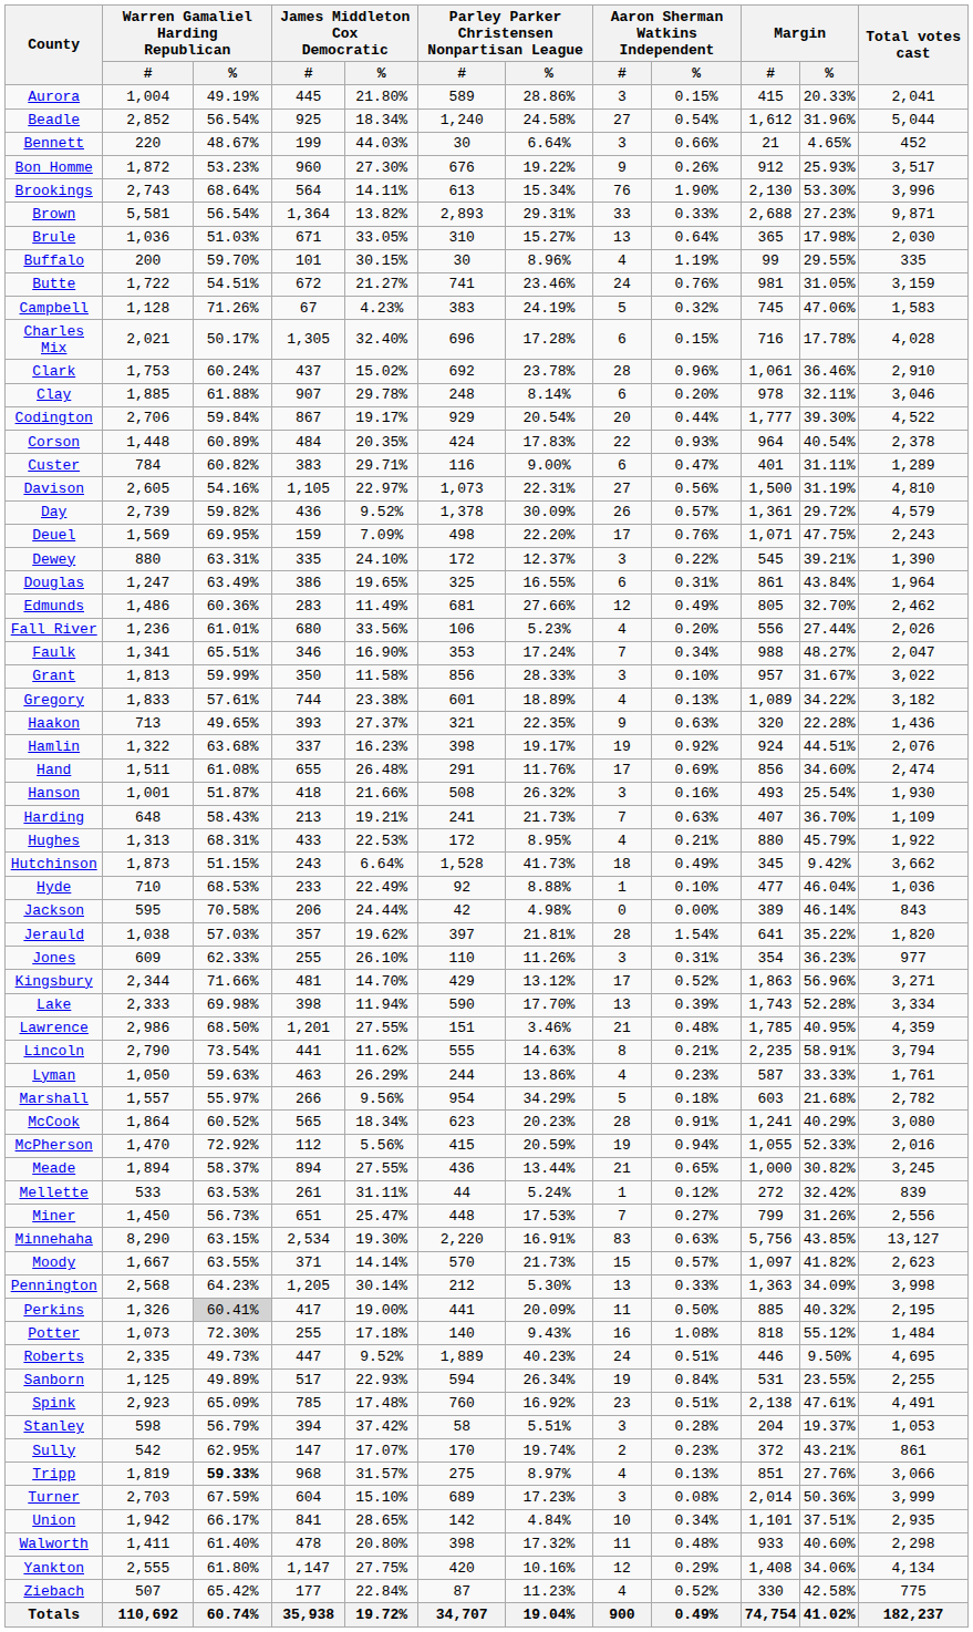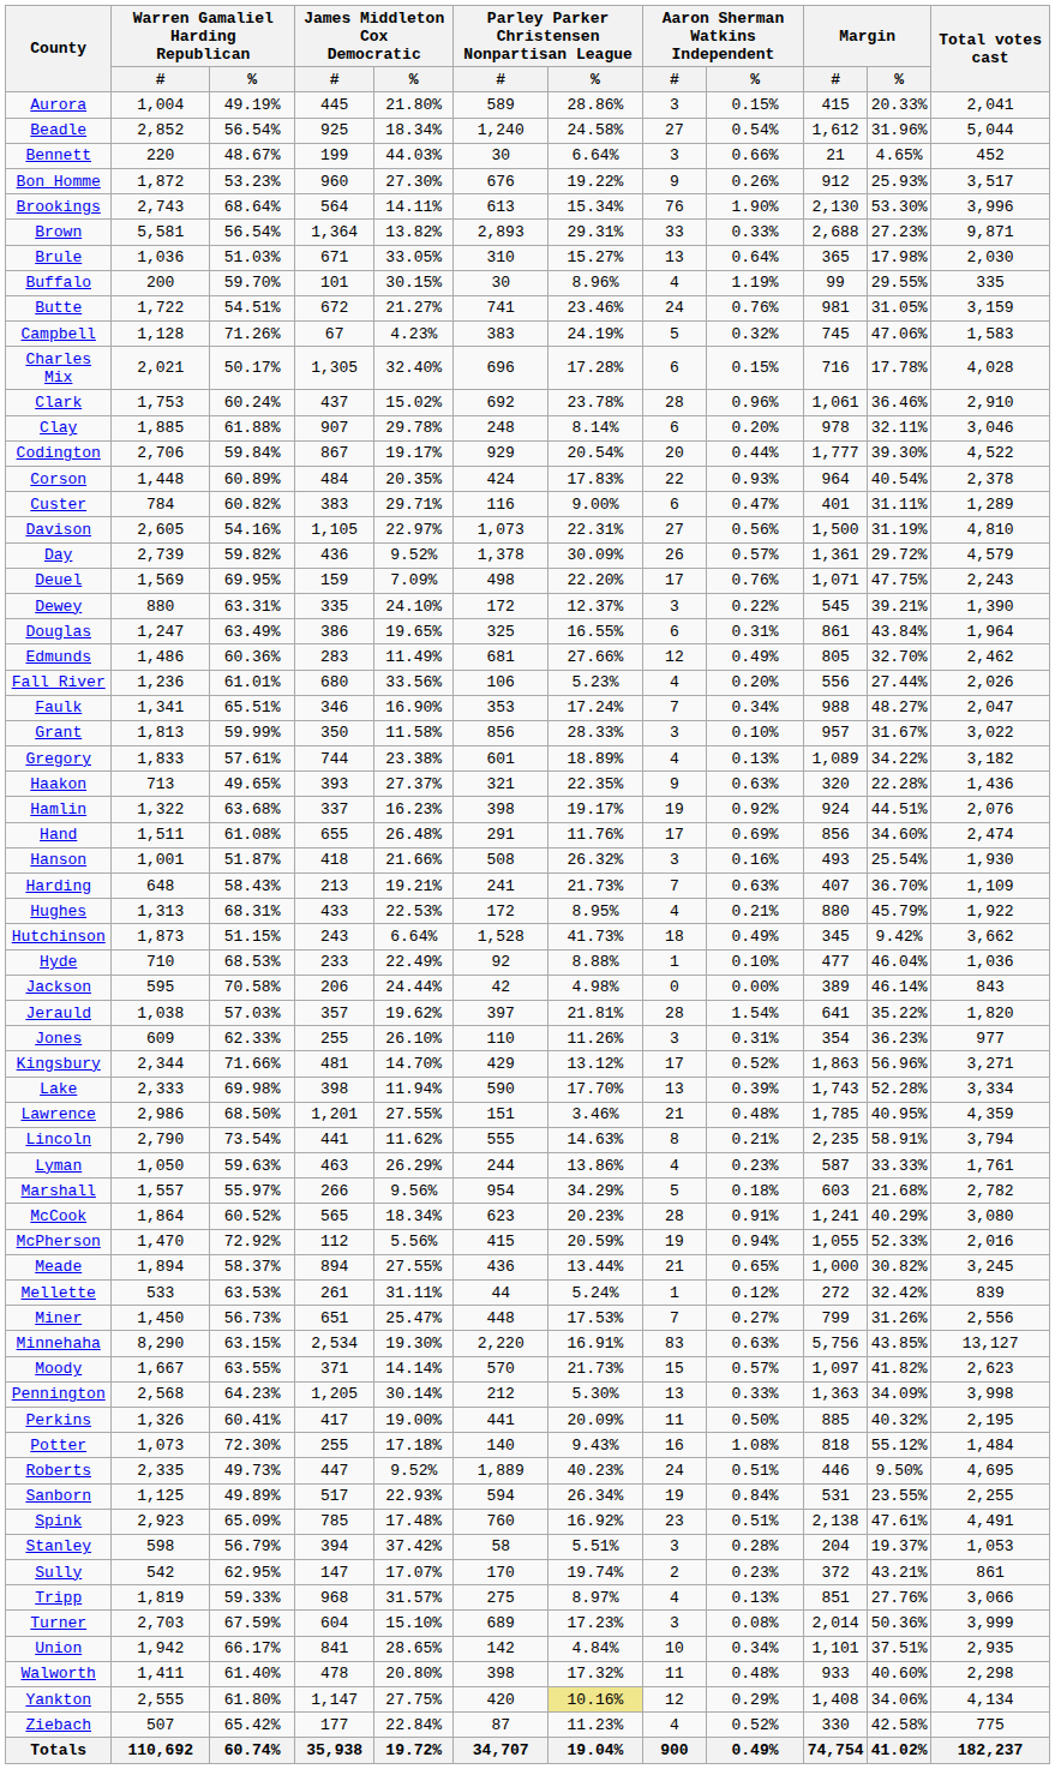 <table class="wikitable sortable">
 <tr>
 <th rowspan="2" style="text-align:center;">County</th>
 <th colspan="2" style="text-align:center;">Warren Gamaliel Harding<br>Republican</th>
 <th colspan="2" style="text-align:center;">James Middleton Cox<br>Democratic</th>
 <th colspan="2" style="text-align:center;">Parley Parker Christensen<br>Nonpartisan League</th>
 <th colspan="2" style="text-align:center;">Aaron Sherman Watkins<br>Independent</th>
 <th colspan="2" style="text-align:center;">Margin</th>
 <th rowspan="2" style="text-align:center;">Total votes cast</th>
 </tr>
 <tr>
 <th style="text-align:center;" data-sort-type="number">#</th>
 <th style="text-align:center;" data-sort-type="number">%</th>
 <th style="text-align:center;" data-sort-type="number">#</th>
 <th style="text-align:center;" data-sort-type="number">%</th>
 <th style="text-align:center;" data-sort-type="number">#</th>
 <th style="text-align:center;" data-sort-type="number">%</th>
 <th style="text-align:center;" data-sort-type="number">#</th>
 <th style="text-align:center;" data-sort-type="number">%</th>
 <th style="text-align:center;" data-sort-type="number">#</th>
 <th style="text-align:center;" data-sort-type="number">%</th>
 </tr>
 <tr style="text-align:center;">
 <td><a href='#'>Aurora</a></td>
 <td>1,004</td>
 <td>49.19%</td>
 <td>445</td>
 <td>21.80%</td>
 <td>589</td>
 <td>28.86%</td>
 <td>3</td>
 <td>0.15%</td>
 <td>415</td>
 <td>20.33%</td>
 <td>2,041</td>
 </tr>
 <tr style="text-align:center;">
 <td><a href='#'>Beadle</a></td>
 <td>2,852</td>
 <td>56.54%</td>
 <td>925</td>
 <td>18.34%</td>
 <td>1,240</td>
 <td>24.58%</td>
 <td>27</td>
 <td>0.54%</td>
 <td>1,612</td>
 <td>31.96%</td>
 <td>5,044</td>
 </tr>
 <tr style="text-align:center;">
 <td><a href='#'>Bennett</a></td>
 <td>220</td>
 <td>48.67%</td>
 <td>199</td>
 <td>44.03%</td>
 <td>30</td>
 <td>6.64%</td>
 <td>3</td>
 <td>0.66%</td>
 <td>21</td>
 <td>4.65%</td>
 <td>452</td>
 </tr>
 <tr style="text-align:center;">
 <td><a href='#'>Bon Homme</a></td>
 <td>1,872</td>
 <td>53.23%</td>
 <td>960</td>
 <td>27.30%</td>
 <td>676</td>
 <td>19.22%</td>
 <td>9</td>
 <td>0.26%</td>
 <td>912</td>
 <td>25.93%</td>
 <td>3,517</td>
 </tr>
 <tr style="text-align:center;">
 <td><a href='#'>Brookings</a></td>
 <td>2,743</td>
 <td>68.64%</td>
 <td>564</td>
 <td>14.11%</td>
 <td>613</td>
 <td>15.34%</td>
 <td>76</td>
 <td>1.90%</td>
 <td>2,130</td>
 <td>53.30%</td>
 <td>3,996</td>
 </tr>
 <tr style="text-align:center;">
 <td><a href='#'>Brown</a></td>
 <td>5,581</td>
 <td>56.54%</td>
 <td>1,364</td>
 <td>13.82%</td>
 <td>2,893</td>
 <td>29.31%</td>
 <td>33</td>
 <td>0.33%</td>
 <td>2,688</td>
 <td>27.23%</td>
 <td>9,871</td>
 </tr>
 <tr style="text-align:center;">
 <td><a href='#'>Brule</a></td>
 <td>1,036</td>
 <td>51.03%</td>
 <td>671</td>
 <td>33.05%</td>
 <td>310</td>
 <td>15.27%</td>
 <td>13</td>
 <td>0.64%</td>
 <td>365</td>
 <td>17.98%</td>
 <td>2,030</td>
 </tr>
 <tr style="text-align:center;">
 <td><a href='#'>Buffalo</a></td>
 <td>200</td>
 <td>59.70%</td>
 <td>101</td>
 <td>30.15%</td>
 <td>30</td>
 <td>8.96%</td>
 <td>4</td>
 <td>1.19%</td>
 <td>99</td>
 <td>29.55%</td>
 <td>335</td>
 </tr>
 <tr style="text-align:center;">
 <td><a href='#'>Butte</a></td>
 <td>1,722</td>
 <td>54.51%</td>
 <td>672</td>
 <td>21.27%</td>
 <td>741</td>
 <td>23.46%</td>
 <td>24</td>
 <td>0.76%</td>
 <td>981</td>
 <td>31.05%</td>
 <td>3,159</td>
 </tr>
 <tr style="text-align:center;">
 <td><a href='#'>Campbell</a></td>
 <td>1,128</td>
 <td>71.26%</td>
 <td>67</td>
 <td>4.23%</td>
 <td>383</td>
 <td>24.19%</td>
 <td>5</td>
 <td>0.32%</td>
 <td>745</td>
 <td>47.06%</td>
 <td>1,583</td>
 </tr>
 <tr style="text-align:center;">
 <td><a href='#'>Charles Mix</a></td>
 <td>2,021</td>
 <td>50.17%</td>
 <td>1,305</td>
 <td>32.40%</td>
 <td>696</td>
 <td>17.28%</td>
 <td>6</td>
 <td>0.15%</td>
 <td>716</td>
 <td>17.78%</td>
 <td>4,028</td>
 </tr>
 <tr style="text-align:center;">
 <td><a href='#'>Clark</a></td>
 <td>1,753</td>
 <td>60.24%</td>
 <td>437</td>
 <td>15.02%</td>
 <td>692</td>
 <td>23.78%</td>
 <td>28</td>
 <td>0.96%</td>
 <td>1,061</td>
 <td>36.46%</td>
 <td>2,910</td>
 </tr>
 <tr style="text-align:center;">
 <td><a href='#'>Clay</a></td>
 <td>1,885</td>
 <td>61.88%</td>
 <td>907</td>
 <td>29.78%</td>
 <td>248</td>
 <td>8.14%</td>
 <td>6</td>
 <td>0.20%</td>
 <td>978</td>
 <td>32.11%</td>
 <td>3,046</td>
 </tr>
 <tr style="text-align:center;">
 <td><a href='#'>Codington</a></td>
 <td>2,706</td>
 <td>59.84%</td>
 <td>867</td>
 <td>19.17%</td>
 <td>929</td>
 <td>20.54%</td>
 <td>20</td>
 <td>0.44%</td>
 <td>1,777</td>
 <td>39.30%</td>
 <td>4,522</td>
 </tr>
 <tr style="text-align:center;">
 <td><a href='#'>Corson</a></td>
 <td>1,448</td>
 <td>60.89%</td>
 <td>484</td>
 <td>20.35%</td>
 <td>424</td>
 <td>17.83%</td>
 <td>22</td>
 <td>0.93%</td>
 <td>964</td>
 <td>40.54%</td>
 <td>2,378</td>
 </tr>
 <tr style="text-align:center;">
 <td><a href='#'>Custer</a></td>
 <td>784</td>
 <td>60.82%</td>
 <td>383</td>
 <td>29.71%</td>
 <td>116</td>
 <td>9.00%</td>
 <td>6</td>
 <td>0.47%</td>
 <td>401</td>
 <td>31.11%</td>
 <td>1,289</td>
 </tr>
 <tr style="text-align:center;">
 <td><a href='#'>Davison</a></td>
 <td>2,605</td>
 <td>54.16%</td>
 <td>1,105</td>
 <td>22.97%</td>
 <td>1,073</td>
 <td>22.31%</td>
 <td>27</td>
 <td>0.56%</td>
 <td>1,500</td>
 <td>31.19%</td>
 <td>4,810</td>
 </tr>
 <tr style="text-align:center;">
 <td><a href='#'>Day</a></td>
 <td>2,739</td>
 <td>59.82%</td>
 <td>436</td>
 <td>9.52%</td>
 <td>1,378</td>
 <td>30.09%</td>
 <td>26</td>
 <td>0.57%</td>
 <td>1,361</td>
 <td>29.72%</td>
 <td>4,579</td>
 </tr>
 <tr style="text-align:center;">
 <td><a href='#'>Deuel</a></td>
 <td>1,569</td>
 <td>69.95%</td>
 <td>159</td>
 <td>7.09%</td>
 <td>498</td>
 <td>22.20%</td>
 <td>17</td>
 <td>0.76%</td>
 <td>1,071</td>
 <td>47.75%</td>
 <td>2,243</td>
 </tr>
 <tr style="text-align:center;">
 <td><a href='#'>Dewey</a></td>
 <td>880</td>
 <td>63.31%</td>
 <td>335</td>
 <td>24.10%</td>
 <td>172</td>
 <td>12.37%</td>
 <td>3</td>
 <td>0.22%</td>
 <td>545</td>
 <td>39.21%</td>
 <td>1,390</td>
 </tr>
 <tr style="text-align:center;">
 <td><a href='#'>Douglas</a></td>
 <td>1,247</td>
 <td>63.49%</td>
 <td>386</td>
 <td>19.65%</td>
 <td>325</td>
 <td>16.55%</td>
 <td>6</td>
 <td>0.31%</td>
 <td>861</td>
 <td>43.84%</td>
 <td>1,964</td>
 </tr>
 <tr style="text-align:center;">
 <td><a href='#'>Edmunds</a></td>
 <td>1,486</td>
 <td>60.36%</td>
 <td>283</td>
 <td>11.49%</td>
 <td>681</td>
 <td>27.66%</td>
 <td>12</td>
 <td>0.49%</td>
 <td>805</td>
 <td>32.70%</td>
 <td>2,462</td>
 </tr>
 <tr style="text-align:center;">
 <td><a href='#'>Fall River</a></td>
 <td>1,236</td>
 <td>61.01%</td>
 <td>680</td>
 <td>33.56%</td>
 <td>106</td>
 <td>5.23%</td>
 <td>4</td>
 <td>0.20%</td>
 <td>556</td>
 <td>27.44%</td>
 <td>2,026</td>
 </tr>
 <tr style="text-align:center;">
 <td><a href='#'>Faulk</a></td>
 <td>1,341</td>
 <td>65.51%</td>
 <td>346</td>
 <td>16.90%</td>
 <td>353</td>
 <td>17.24%</td>
 <td>7</td>
 <td>0.34%</td>
 <td>988</td>
 <td>48.27%</td>
 <td>2,047</td>
 </tr>
 <tr style="text-align:center;">
 <td><a href='#'>Grant</a></td>
 <td>1,813</td>
 <td>59.99%</td>
 <td>350</td>
 <td>11.58%</td>
 <td>856</td>
 <td>28.33%</td>
 <td>3</td>
 <td>0.10%</td>
 <td>957</td>
 <td>31.67%</td>
 <td>3,022</td>
 </tr>
 <tr style="text-align:center;">
 <td><a href='#'>Gregory</a></td>
 <td>1,833</td>
 <td>57.61%</td>
 <td>744</td>
 <td>23.38%</td>
 <td>601</td>
 <td>18.89%</td>
 <td>4</td>
 <td>0.13%</td>
 <td>1,089</td>
 <td>34.22%</td>
 <td>3,182</td>
 </tr>
 <tr style="text-align:center;">
 <td><a href='#'>Haakon</a></td>
 <td>713</td>
 <td>49.65%</td>
 <td>393</td>
 <td>27.37%</td>
 <td>321</td>
 <td>22.35%</td>
 <td>9</td>
 <td>0.63%</td>
 <td>320</td>
 <td>22.28%</td>
 <td>1,436</td>
 </tr>
 <tr style="text-align:center;">
 <td><a href='#'>Hamlin</a></td>
 <td>1,322</td>
 <td>63.68%</td>
 <td>337</td>
 <td>16.23%</td>
 <td>398</td>
 <td>19.17%</td>
 <td>19</td>
 <td>0.92%</td>
 <td>924</td>
 <td>44.51%</td>
 <td>2,076</td>
 </tr>
 <tr style="text-align:center;">
 <td><a href='#'>Hand</a></td>
 <td>1,511</td>
 <td>61.08%</td>
 <td>655</td>
 <td>26.48%</td>
 <td>291</td>
 <td>11.76%</td>
 <td>17</td>
 <td>0.69%</td>
 <td>856</td>
 <td>34.60%</td>
 <td>2,474</td>
 </tr>
 <tr style="text-align:center;">
 <td><a href='#'>Hanson</a></td>
 <td>1,001</td>
 <td>51.87%</td>
 <td>418</td>
 <td>21.66%</td>
 <td>508</td>
 <td>26.32%</td>
 <td>3</td>
 <td>0.16%</td>
 <td>493</td>
 <td>25.54%</td>
 <td>1,930</td>
 </tr>
 <tr style="text-align:center;">
 <td><a href='#'>Harding</a></td>
 <td>648</td>
 <td>58.43%</td>
 <td>213</td>
 <td>19.21%</td>
 <td>241</td>
 <td>21.73%</td>
 <td>7</td>
 <td>0.63%</td>
 <td>407</td>
 <td>36.70%</td>
 <td>1,109</td>
 </tr>
 <tr style="text-align:center;">
 <td><a href='#'>Hughes</a></td>
 <td>1,313</td>
 <td>68.31%</td>
 <td>433</td>
 <td>22.53%</td>
 <td>172</td>
 <td>8.95%</td>
 <td>4</td>
 <td>0.21%</td>
 <td>880</td>
 <td>45.79%</td>
 <td>1,922</td>
 </tr>
 <tr style="text-align:center;">
 <td><a href='#'>Hutchinson</a></td>
 <td>1,873</td>
 <td>51.15%</td>
 <td>243</td>
 <td>6.64%</td>
 <td>1,528</td>
 <td>41.73%</td>
 <td>18</td>
 <td>0.49%</td>
 <td>345</td>
 <td>9.42%</td>
 <td>3,662</td>
 </tr>
 <tr style="text-align:center;">
 <td><a href='#'>Hyde</a></td>
 <td>710</td>
 <td>68.53%</td>
 <td>233</td>
 <td>22.49%</td>
 <td>92</td>
 <td>8.88%</td>
 <td>1</td>
 <td>0.10%</td>
 <td>477</td>
 <td>46.04%</td>
 <td>1,036</td>
 </tr>
 <tr style="text-align:center;">
 <td><a href='#'>Jackson</a></td>
 <td>595</td>
 <td>70.58%</td>
 <td>206</td>
 <td>24.44%</td>
 <td>42</td>
 <td>4.98%</td>
 <td>0</td>
 <td>0.00%</td>
 <td>389</td>
 <td>46.14%</td>
 <td>843</td>
 </tr>
 <tr style="text-align:center;">
 <td><a href='#'>Jerauld</a></td>
 <td>1,038</td>
 <td>57.03%</td>
 <td>357</td>
 <td>19.62%</td>
 <td>397</td>
 <td>21.81%</td>
 <td>28</td>
 <td>1.54%</td>
 <td>641</td>
 <td>35.22%</td>
 <td>1,820</td>
 </tr>
 <tr style="text-align:center;">
 <td><a href='#'>Jones</a></td>
 <td>609</td>
 <td>62.33%</td>
 <td>255</td>
 <td>26.10%</td>
 <td>110</td>
 <td>11.26%</td>
 <td>3</td>
 <td>0.31%</td>
 <td>354</td>
 <td>36.23%</td>
 <td>977</td>
 </tr>
 <tr style="text-align:center;">
 <td><a href='#'>Kingsbury</a></td>
 <td>2,344</td>
 <td>71.66%</td>
 <td>481</td>
 <td>14.70%</td>
 <td>429</td>
 <td>13.12%</td>
 <td>17</td>
 <td>0.52%</td>
 <td>1,863</td>
 <td>56.96%</td>
 <td>3,271</td>
 </tr>
 <tr style="text-align:center;">
 <td><a href='#'>Lake</a></td>
 <td>2,333</td>
 <td>69.98%</td>
 <td>398</td>
 <td>11.94%</td>
 <td>590</td>
 <td>17.70%</td>
 <td>13</td>
 <td>0.39%</td>
 <td>1,743</td>
 <td>52.28%</td>
 <td>3,334</td>
 </tr>
 <tr style="text-align:center;">
 <td><a href='#'>Lawrence</a></td>
 <td>2,986</td>
 <td>68.50%</td>
 <td>1,201</td>
 <td>27.55%</td>
 <td>151</td>
 <td>3.46%</td>
 <td>21</td>
 <td>0.48%</td>
 <td>1,785</td>
 <td>40.95%</td>
 <td>4,359</td>
 </tr>
 <tr style="text-align:center;">
 <td><a href='#'>Lincoln</a></td>
 <td>2,790</td>
 <td>73.54%</td>
 <td>441</td>
 <td>11.62%</td>
 <td>555</td>
 <td>14.63%</td>
 <td>8</td>
 <td>0.21%</td>
 <td>2,235</td>
 <td>58.91%</td>
 <td>3,794</td>
 </tr>
 <tr style="text-align:center;">
 <td><a href='#'>Lyman</a></td>
 <td>1,050</td>
 <td>59.63%</td>
 <td>463</td>
 <td>26.29%</td>
 <td>244</td>
 <td>13.86%</td>
 <td>4</td>
 <td>0.23%</td>
 <td>587</td>
 <td>33.33%</td>
 <td>1,761</td>
 </tr>
 <tr style="text-align:center;">
 <td><a href='#'>Marshall</a></td>
 <td>1,557</td>
 <td>55.97%</td>
 <td>266</td>
 <td>9.56%</td>
 <td>954</td>
 <td>34.29%</td>
 <td>5</td>
 <td>0.18%</td>
 <td>603</td>
 <td>21.68%</td>
 <td>2,782</td>
 </tr>
 <tr style="text-align:center;">
 <td><a href='#'>McCook</a></td>
 <td>1,864</td>
 <td>60.52%</td>
 <td>565</td>
 <td>18.34%</td>
 <td>623</td>
 <td>20.23%</td>
 <td>28</td>
 <td>0.91%</td>
 <td>1,241</td>
 <td>40.29%</td>
 <td>3,080</td>
 </tr>
 <tr style="text-align:center;">
 <td><a href='#'>McPherson</a></td>
 <td>1,470</td>
 <td>72.92%</td>
 <td>112</td>
 <td>5.56%</td>
 <td>415</td>
 <td>20.59%</td>
 <td>19</td>
 <td>0.94%</td>
 <td>1,055</td>
 <td>52.33%</td>
 <td>2,016</td>
 </tr>
 <tr style="text-align:center;">
 <td><a href='#'>Meade</a></td>
 <td>1,894</td>
 <td>58.37%</td>
 <td>894</td>
 <td>27.55%</td>
 <td>436</td>
 <td>13.44%</td>
 <td>21</td>
 <td>0.65%</td>
 <td>1,000</td>
 <td>30.82%</td>
 <td>3,245</td>
 </tr>
 <tr style="text-align:center;">
 <td><a href='#'>Mellette</a></td>
 <td>533</td>
 <td>63.53%</td>
 <td>261</td>
 <td>31.11%</td>
 <td>44</td>
 <td>5.24%</td>
 <td>1</td>
 <td>0.12%</td>
 <td>272</td>
 <td>32.42%</td>
 <td>839</td>
 </tr>
 <tr style="text-align:center;">
 <td><a href='#'>Miner</a></td>
 <td>1,450</td>
 <td>56.73%</td>
 <td>651</td>
 <td>25.47%</td>
 <td>448</td>
 <td>17.53%</td>
 <td>7</td>
 <td>0.27%</td>
 <td>799</td>
 <td>31.26%</td>
 <td>2,556</td>
 </tr>
 <tr style="text-align:center;">
 <td><a href='#'>Minnehaha</a></td>
 <td>8,290</td>
 <td>63.15%</td>
 <td>2,534</td>
 <td>19.30%</td>
 <td>2,220</td>
 <td>16.91%</td>
 <td>83</td>
 <td>0.63%</td>
 <td>5,756</td>
 <td>43.85%</td>
 <td>13,127</td>
 </tr>
 <tr style="text-align:center;">
 <td><a href='#'>Moody</a></td>
 <td>1,667</td>
 <td>63.55%</td>
 <td>371</td>
 <td>14.14%</td>
 <td>570</td>
 <td>21.73%</td>
 <td>15</td>
 <td>0.57%</td>
 <td>1,097</td>
 <td>41.82%</td>
 <td>2,623</td>
 </tr>
 <tr style="text-align:center;">
 <td><a href='#'>Pennington</a></td>
 <td>2,568</td>
 <td>64.23%</td>
 <td>1,205</td>
 <td>30.14%</td>
 <td>212</td>
 <td>5.30%</td>
 <td>13</td>
 <td>0.33%</td>
 <td>1,363</td>
 <td>34.09%</td>
 <td>3,998</td>
 </tr>
 <tr style="text-align:center;">
 <td><a href='#'>Perkins</a></td>
 <td>1,326</td>
-<td style="background: lightgrey;">60.41%</td>
+<td>60.41%</td>
 <td>417</td>
 <td>19.00%</td>
 <td>441</td>
 <td>20.09%</td>
 <td>11</td>
 <td>0.50%</td>
 <td>885</td>
 <td>40.32%</td>
 <td>2,195</td>
 </tr>
 <tr style="text-align:center;">
 <td><a href='#'>Potter</a></td>
 <td>1,073</td>
 <td>72.30%</td>
 <td>255</td>
 <td>17.18%</td>
 <td>140</td>
 <td>9.43%</td>
 <td>16</td>
 <td>1.08%</td>
 <td>818</td>
 <td>55.12%</td>
 <td>1,484</td>
 </tr>
 <tr style="text-align:center;">
 <td><a href='#'>Roberts</a></td>
 <td>2,335</td>
 <td>49.73%</td>
 <td>447</td>
 <td>9.52%</td>
 <td>1,889</td>
 <td>40.23%</td>
 <td>24</td>
 <td>0.51%</td>
 <td>446</td>
 <td>9.50%</td>
 <td>4,695</td>
 </tr>
 <tr style="text-align:center;">
 <td><a href='#'>Sanborn</a></td>
 <td>1,125</td>
 <td>49.89%</td>
 <td>517</td>
 <td>22.93%</td>
 <td>594</td>
 <td>26.34%</td>
 <td>19</td>
 <td>0.84%</td>
 <td>531</td>
 <td>23.55%</td>
 <td>2,255</td>
 </tr>
 <tr style="text-align:center;">
 <td><a href='#'>Spink</a></td>
 <td>2,923</td>
 <td>65.09%</td>
 <td>785</td>
 <td>17.48%</td>
 <td>760</td>
 <td>16.92%</td>
 <td>23</td>
 <td>0.51%</td>
 <td>2,138</td>
 <td>47.61%</td>
 <td>4,491</td>
 </tr>
 <tr style="text-align:center;">
 <td><a href='#'>Stanley</a></td>
 <td>598</td>
 <td>56.79%</td>
 <td>394</td>
 <td>37.42%</td>
 <td>58</td>
 <td>5.51%</td>
 <td>3</td>
 <td>0.28%</td>
 <td>204</td>
 <td>19.37%</td>
 <td>1,053</td>
 </tr>
 <tr style="text-align:center;">
 <td><a href='#'>Sully</a></td>
 <td>542</td>
 <td>62.95%</td>
 <td>147</td>
 <td>17.07%</td>
 <td>170</td>
 <td>19.74%</td>
 <td>2</td>
 <td>0.23%</td>
 <td>372</td>
 <td>43.21%</td>
 <td>861</td>
 </tr>
 <tr style="text-align:center;">
 <td><a href='#'>Tripp</a></td>
 <td>1,819</td>
-<td><strong>59.33%</strong></td>
+<td>59.33%</td>
 <td>968</td>
 <td>31.57%</td>
 <td>275</td>
 <td>8.97%</td>
 <td>4</td>
 <td>0.13%</td>
 <td>851</td>
 <td>27.76%</td>
 <td>3,066</td>
 </tr>
 <tr style="text-align:center;">
 <td><a href='#'>Turner</a></td>
 <td>2,703</td>
 <td>67.59%</td>
 <td>604</td>
 <td>15.10%</td>
 <td>689</td>
 <td>17.23%</td>
 <td>3</td>
 <td>0.08%</td>
 <td>2,014</td>
 <td>50.36%</td>
 <td>3,999</td>
 </tr>
 <tr style="text-align:center;">
 <td><a href='#'>Union</a></td>
 <td>1,942</td>
 <td>66.17%</td>
 <td>841</td>
 <td>28.65%</td>
 <td>142</td>
 <td>4.84%</td>
 <td>10</td>
 <td>0.34%</td>
 <td>1,101</td>
 <td>37.51%</td>
 <td>2,935</td>
 </tr>
 <tr style="text-align:center;">
 <td><a href='#'>Walworth</a></td>
 <td>1,411</td>
 <td>61.40%</td>
 <td>478</td>
 <td>20.80%</td>
 <td>398</td>
 <td>17.32%</td>
 <td>11</td>
 <td>0.48%</td>
 <td>933</td>
 <td>40.60%</td>
 <td>2,298</td>
 </tr>
 <tr style="text-align:center;">
 <td><a href='#'>Yankton</a></td>
 <td>2,555</td>
 <td>61.80%</td>
 <td>1,147</td>
 <td>27.75%</td>
 <td>420</td>
-<td>10.16%</td>
+<td style="background: khaki;">10.16%</td>
 <td>12</td>
 <td>0.29%</td>
 <td>1,408</td>
 <td>34.06%</td>
 <td>4,134</td>
 </tr>
 <tr style="text-align:center;">
 <td><a href='#'>Ziebach</a></td>
 <td>507</td>
 <td>65.42%</td>
 <td>177</td>
 <td>22.84%</td>
 <td>87</td>
 <td>11.23%</td>
 <td>4</td>
 <td>0.52%</td>
 <td>330</td>
 <td>42.58%</td>
 <td>775</td>
 </tr>
 <tr style="text-align:center;">
 <th>Totals</th>
 <th>110,692</th>
 <th>60.74%</th>
 <th>35,938</th>
 <th>19.72%</th>
 <th>34,707</th>
 <th>19.04%</th>
 <th>900</th>
 <th>0.49%</th>
 <th>74,754</th>
 <th>41.02%</th>
 <th>182,237</th>
 </tr>
 </table>
